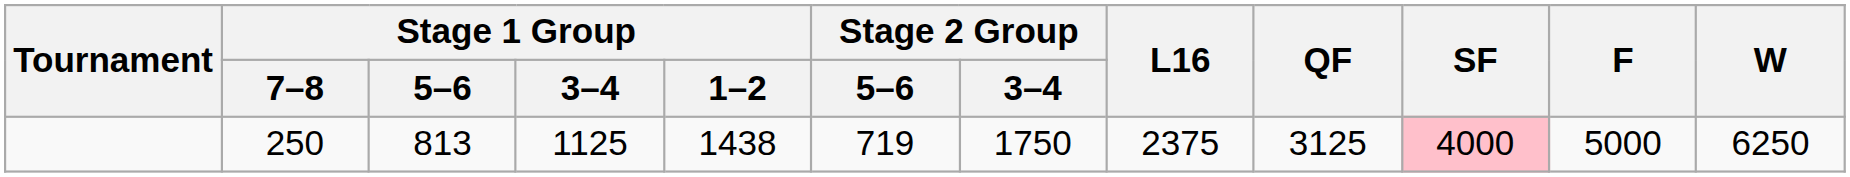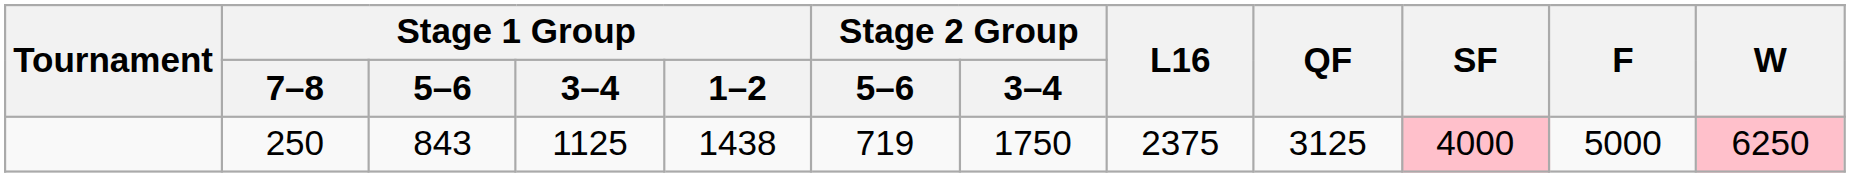 <table class="wikitable" style="font-size: 100%; text-align:center">
 <tr>
 <th rowspan="2" width=60>Tournament</th>
 <th colspan="4" width=60><strong>Stage 1 Group</strong></th>
 <th colspan="2" width=60><strong>Stage 2 Group</strong></th>
 <th rowspan="2" width=60><strong>L16</strong></th>
 <th rowspan="2" width=60><strong>QF</strong></th>
 <th rowspan="2" width=60><strong>SF</strong></th>
 <th rowspan="2" width=60><strong>F</strong></th>
 <th rowspan="2" width=60><strong>W</strong></th>
 </tr>
 <tr>
 <th width=60><strong>7–8</strong></th>
 <th width=60><strong>5–6</strong></th>
 <th width=60><strong>3–4</strong></th>
 <th width=60><strong>1–2</strong></th>
 <th width=60><strong>5–6</strong></th>
 <th width=60><strong>3–4</strong></th>
 </tr>
 <tr>
 <td align="left"></td>
 <td>250</td>
-<td>813</td>
+<td>843</td>
 <td>1125</td>
 <td>1438</td>
 <td>719</td>
 <td>1750</td>
 <td>2375</td>
 <td>3125</td>
 <td style="background: pink;">4000</td>
 <td>5000</td>
-<td>6250</td>
+<td style="background: pink;">6250</td>
 </tr>
 </table>
